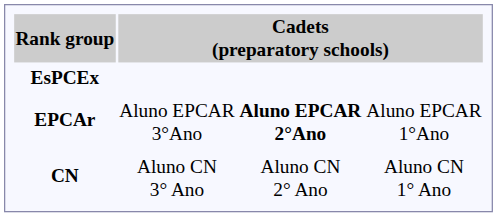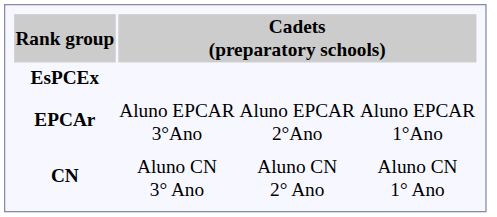 <table style="border:1px solid #8888aa; background-color:#f7f8ff; padding:5px; font-size:95%; margin: 0px 12px 12px 0px; text-align:center; color: inherit;">
 <tr bgcolor="#CCCCCC">
 <th>Rank group</th>
 <th colspan="3">Cadets<br>(preparatory schools)</th>
 </tr>
 <tr>
 <td rowspan="2"><strong>EsPCEx</strong></td>
 <td colspan="3"></td>
 </tr>
 <tr>
 <td colspan="3"></td>
 </tr>
 <tr>
 <td rowspan="2"><strong>EPCAr</strong></td>
 <td></td>
 <td></td>
 <td></td>
 </tr>
 <tr>
 <td>Aluno EPCAR<br>3°Ano</td>
-<td><strong>Aluno EPCAR<br>2°Ano</strong></td>
+<td>Aluno EPCAR<br>2°Ano</td>
 <td>Aluno EPCAR<br>1°Ano</td>
 </tr>
 <tr>
 <td rowspan="2"><strong>CN</strong></td>
 <td></td>
 <td></td>
 <td></td>
 </tr>
 <tr>
 <td>Aluno CN<br>3° Ano</td>
 <td>Aluno CN<br>2° Ano</td>
 <td>Aluno CN<br>1° Ano</td>
 </tr>
 </table>
